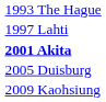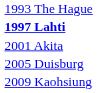 <table>
 <tr>
 <td><a href='#'>1993 The Hague</a></td>
 <td></td>
 <td></td>
 <td></td>
 </tr>
 <tr>
-<td><a href='#'>1997 Lahti</a></td>
+<td><strong><a href='#'>1997 Lahti</a></strong></td>
 <td></td>
 <td></td>
 <td></td>
 </tr>
 <tr>
-<td><strong><a href='#'>2001 Akita</a></strong></td>
+<td><a href='#'>2001 Akita</a></td>
 <td></td>
 <td></td>
 <td></td>
 </tr>
 <tr>
 <td><a href='#'>2005 Duisburg</a></td>
 <td></td>
 <td></td>
 <td></td>
 </tr>
 <tr>
 <td><a href='#'>2009 Kaohsiung</a></td>
 <td></td>
 <td></td>
 <td></td>
 </tr>
 </table>
